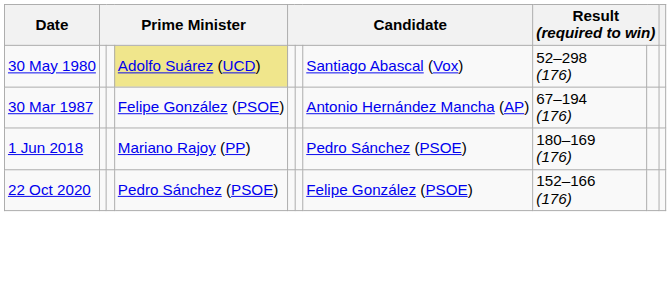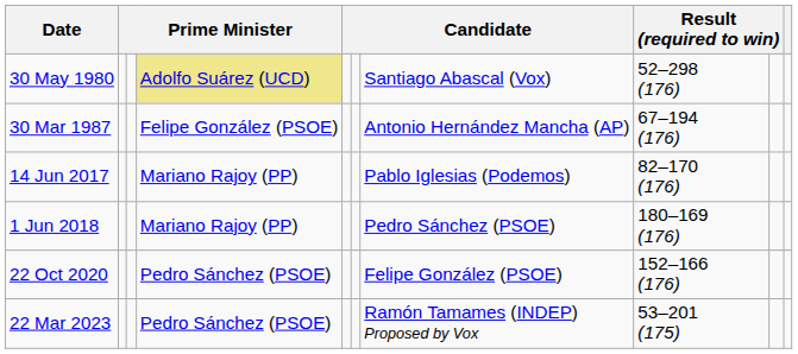 <table class="wikitable">
 <tr>
 <th>Date</th>
 <th colspan="3">Prime Minister</th>
 <th colspan="3">Candidate</th>
 <th colspan="2">Result<br><em>(required to win)</em></th>
 <th></th>
 </tr>
 <tr>
 <td><a href='#'>30 May 1980</a></td>
 <td></td>
 <td width="1"></td>
 <td style="background: khaki;"><a href='#'>Adolfo Suárez</a> (<a href='#'>UCD</a>)</td>
 <td></td>
 <td width="1"></td>
 <td><a href='#'>Santiago Abascal</a> (<a href='#'>Vox</a>)</td>
 <td>52–298<br><em>(176)</em></td>
 <td></td>
 <td></td>
 </tr>
 <tr>
 <td><a href='#'>30 Mar 1987</a></td>
 <td></td>
 <td></td>
 <td><a href='#'>Felipe González</a> (<a href='#'>PSOE</a>)</td>
 <td></td>
 <td></td>
 <td><a href='#'>Antonio Hernández Mancha</a> (<a href='#'>AP</a>)</td>
 <td>67–194<br><em>(176)</em></td>
 <td></td>
 <td></td>
 </tr>
 <tr>
+<td><a href='#'>14 Jun 2017</a></td>
+<td></td>
+<td></td>
+<td><a href='#'>Mariano Rajoy</a> (<a href='#'>PP</a>)</td>
+<td></td>
+<td></td>
+<td><a href='#'>Pablo Iglesias</a> (<a href='#'>Podemos</a>)</td>
+<td>82–170<br><em>(176)</em></td>
+<td></td>
+<td></td>
+</tr>
+<tr>
 <td><a href='#'>1 Jun 2018</a></td>
 <td></td>
 <td></td>
 <td><a href='#'>Mariano Rajoy</a> (<a href='#'>PP</a>)</td>
 <td></td>
 <td></td>
 <td><a href='#'>Pedro Sánchez</a> (<a href='#'>PSOE</a>)</td>
 <td>180–169<br><em>(176)</em></td>
 <td></td>
 <td></td>
 </tr>
 <tr>
 <td><a href='#'>22 Oct 2020</a></td>
 <td></td>
 <td></td>
 <td><a href='#'>Pedro Sánchez</a> (<a href='#'>PSOE</a>)</td>
 <td></td>
 <td></td>
 <td><a href='#'>Felipe González</a> (<a href='#'>PSOE</a>)</td>
 <td>152–166<br><em>(176)</em></td>
 <td></td>
 <td></td>
 </tr>
+<tr>
+<td><a href='#'>22 Mar 2023</a></td>
+<td></td>
+<td></td>
+<td><a href='#'>Pedro Sánchez</a> (<a href='#'>PSOE</a>)</td>
+<td></td>
+<td></td>
+<td><a href='#'>Ramón Tamames</a> (<a href='#'>INDEP</a>)<br><small><em>Proposed by Vox</em></small></td>
+<td>53–201<br><em>(175)</em></td>
+<td></td>
+<td></td>
+</tr>
 </table>
